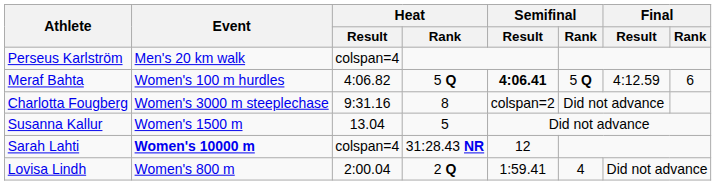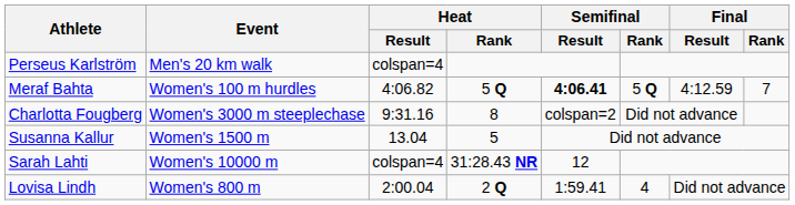 <table class="wikitable" style="font-size:90%">
 <tr>
 <th rowspan="2">Athlete</th>
 <th rowspan="2">Event</th>
 <th colspan="2">Heat</th>
 <th colspan="2">Semifinal</th>
 <th colspan="2">Final</th>
 </tr>
 <tr style="font-size:95%">
 <th>Result</th>
 <th>Rank</th>
 <th>Result</th>
 <th>Rank</th>
 <th>Result</th>
 <th>Rank</th>
 </tr>
 <tr align=center>
 <td align=left><a href='#'>Perseus Karlström</a></td>
 <td align=left><a href='#'>Men's 20 km walk</a></td>
 <td>colspan=4 </td>
 <td colspan=2></td>
 </tr>
 <tr align=center>
 <td align=left><a href='#'>Meraf Bahta</a></td>
 <td align=left><a href='#'>Women's 100 m hurdles</a></td>
 <td>4:06.82</td>
 <td>5 <strong>Q</strong></td>
 <td><strong>4:06.41</strong></td>
 <td>5 <strong>Q</strong></td>
 <td>4:12.59</td>
-<td>6</td>
+<td>7</td>
 </tr>
 <tr align=center>
 <td align=left><a href='#'>Charlotta Fougberg</a></td>
 <td align=left><a href='#'>Women's 3000 m steeplechase</a></td>
 <td>9:31.16</td>
 <td>8</td>
 <td>colspan=2 </td>
 <td colspan=2>Did not advance</td>
 </tr>
 <tr align=center>
 <td align=left><a href='#'>Susanna Kallur</a></td>
 <td align=left><a href='#'>Women's 1500 m</a></td>
 <td>13.04</td>
 <td>5</td>
 <td colspan=4>Did not advance</td>
 </tr>
 <tr align=center>
 <td align=left><a href='#'>Sarah Lahti</a></td>
-<td align=left><strong><a href='#'>Women's 10000 m</a></strong></td>
+<td align=left><a href='#'>Women's 10000 m</a></td>
 <td>colspan=4 </td>
 <td>31:28.43 <strong><a href='#'>NR</a></strong></td>
 <td>12</td>
 </tr>
 <tr align=center>
 <td align=left><a href='#'>Lovisa Lindh</a></td>
 <td align=left><a href='#'>Women's 800 m</a></td>
 <td>2:00.04</td>
 <td>2 <strong>Q</strong></td>
 <td>1:59.41</td>
 <td>4</td>
 <td colspan=2>Did not advance</td>
 </tr>
 </table>
